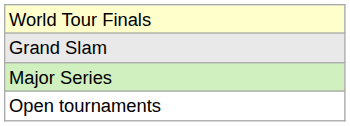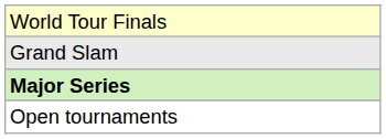 <table class=wikitable style=font-size:85%;width:20%>
 <tr bgcolor=#ffffcc>
 <td>World Tour Finals</td>
 </tr>
 <tr bgcolor=#E9E9E9>
 <td>Grand Slam</td>
 </tr>
 <tr bgcolor=#d0f0c0>
-<td>Major Series</td>
+<td><strong>Major Series</strong></td>
 </tr>
 <tr bgcolor=#ffffff>
 <td>Open tournaments</td>
 </tr>
 </table>
